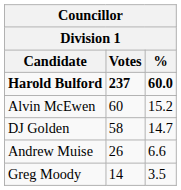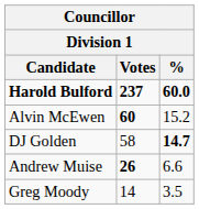 <table class="wikitable collapsible collapsed" align="right">
 <tr>
 <th colspan=3>Councillor</th>
 </tr>
 <tr>
 <th colspan=3>Division 1</th>
 </tr>
 <tr>
 <th>Candidate</th>
 <th>Votes</th>
 <th>%</th>
 </tr>
 <tr>
 <td><strong>Harold Bulford</strong></td>
 <td><strong>237</strong></td>
 <td><strong>60.0</strong></td>
 </tr>
 <tr>
 <td>Alvin McEwen</td>
-<td>60</td>
+<td><strong>60</strong></td>
 <td>15.2</td>
 </tr>
 <tr>
 <td>DJ Golden</td>
 <td>58</td>
-<td>14.7</td>
+<td><strong>14.7</strong></td>
 </tr>
 <tr>
 <td>Andrew Muise</td>
-<td>26</td>
+<td><strong>26</strong></td>
 <td>6.6</td>
 </tr>
 <tr>
 <td>Greg Moody</td>
 <td>14</td>
 <td>3.5</td>
 </tr>
 </table>
